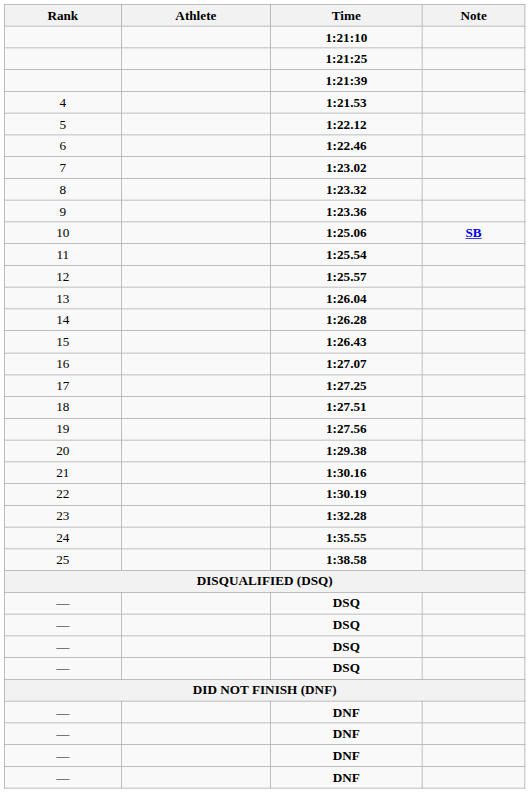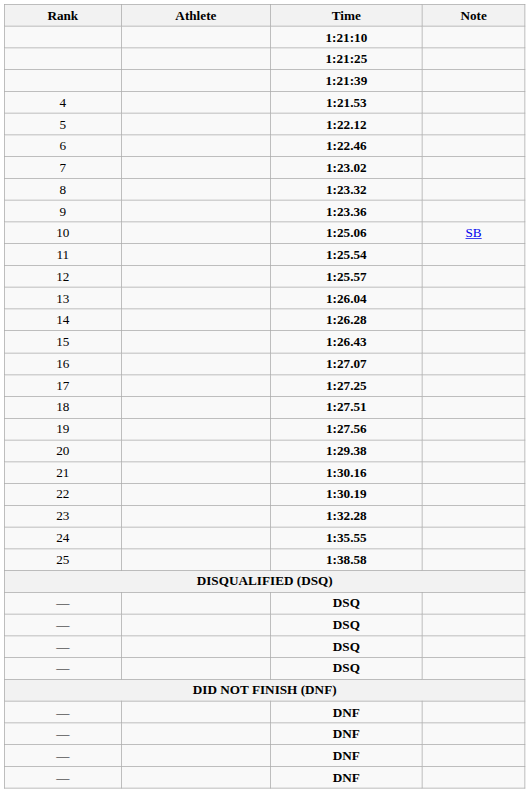 <table class="wikitable" style=" text-align:center; font-size:110%;" width="55%">
 <tr>
 <th>Rank</th>
 <th>Athlete</th>
 <th>Time</th>
 <th>Note</th>
 </tr>
 <tr>
 <td></td>
 <td align=left></td>
 <td><strong>1:21:10</strong></td>
 <td></td>
 </tr>
 <tr>
 <td></td>
 <td align=left></td>
 <td><strong>1:21:25</strong></td>
 <td></td>
 </tr>
 <tr>
 <td></td>
 <td align=left></td>
 <td><strong>1:21:39</strong></td>
 <td></td>
 </tr>
 <tr>
 <td>4</td>
 <td align=left></td>
 <td><strong>1:21.53</strong></td>
 <td></td>
 </tr>
 <tr>
 <td>5</td>
 <td align=left></td>
 <td><strong>1:22.12</strong></td>
 <td></td>
 </tr>
 <tr>
 <td>6</td>
 <td align=left></td>
 <td><strong>1:22.46</strong></td>
 <td></td>
 </tr>
 <tr>
 <td>7</td>
 <td align=left></td>
 <td><strong>1:23.02</strong></td>
 <td></td>
 </tr>
 <tr>
 <td>8</td>
 <td align=left></td>
 <td><strong>1:23.32</strong></td>
 <td></td>
 </tr>
 <tr>
 <td>9</td>
 <td align=left></td>
 <td><strong>1:23.36</strong></td>
 <td></td>
 </tr>
 <tr>
 <td>10</td>
 <td align=left></td>
 <td><strong>1:25.06</strong></td>
-<td><strong><a href='#'>SB</a></strong></td>
+<td><a href='#'>SB</a></td>
 </tr>
 <tr>
 <td>11</td>
 <td align=left></td>
 <td><strong>1:25.54</strong></td>
 <td></td>
 </tr>
 <tr>
 <td>12</td>
 <td align=left></td>
 <td><strong>1:25.57</strong></td>
 <td></td>
 </tr>
 <tr>
 <td>13</td>
 <td align=left></td>
 <td><strong>1:26.04</strong></td>
 <td></td>
 </tr>
 <tr>
 <td>14</td>
 <td align=left></td>
 <td><strong>1:26.28</strong></td>
 <td></td>
 </tr>
 <tr>
 <td>15</td>
 <td align=left></td>
 <td><strong>1:26.43</strong></td>
 <td></td>
 </tr>
 <tr>
 <td>16</td>
 <td align=left></td>
 <td><strong>1:27.07</strong></td>
 <td></td>
 </tr>
 <tr>
 <td>17</td>
 <td align=left></td>
 <td><strong>1:27.25</strong></td>
 <td></td>
 </tr>
 <tr>
 <td>18</td>
 <td align=left></td>
 <td><strong>1:27.51</strong></td>
 <td></td>
 </tr>
 <tr>
 <td>19</td>
 <td align=left></td>
 <td><strong>1:27.56</strong></td>
 <td></td>
 </tr>
 <tr>
 <td>20</td>
 <td align=left></td>
 <td><strong>1:29.38</strong></td>
 <td></td>
 </tr>
 <tr>
 <td>21</td>
 <td align=left></td>
 <td><strong>1:30.16</strong></td>
 <td></td>
 </tr>
 <tr>
 <td>22</td>
 <td align=left></td>
 <td><strong>1:30.19</strong></td>
 <td></td>
 </tr>
 <tr>
 <td>23</td>
 <td align=left></td>
 <td><strong>1:32.28</strong></td>
 <td></td>
 </tr>
 <tr>
 <td>24</td>
 <td align=left></td>
 <td><strong>1:35.55</strong></td>
 <td></td>
 </tr>
 <tr>
 <td>25</td>
 <td align=left></td>
 <td><strong>1:38.58</strong></td>
 <td></td>
 </tr>
 <tr>
 <th colspan="4">DISQUALIFIED (DSQ)</th>
 </tr>
 <tr>
 <td>—</td>
 <td align=left></td>
 <td><strong>DSQ</strong></td>
 <td></td>
 </tr>
 <tr>
 <td>—</td>
 <td align=left></td>
 <td><strong>DSQ</strong></td>
 <td></td>
 </tr>
 <tr>
 <td>—</td>
 <td align=left></td>
 <td><strong>DSQ</strong></td>
 <td></td>
 </tr>
 <tr>
 <td>—</td>
 <td align=left></td>
 <td><strong>DSQ</strong></td>
 <td></td>
 </tr>
 <tr>
 <th colspan="4">DID NOT FINISH (DNF)</th>
 </tr>
 <tr>
 <td>—</td>
 <td align=left></td>
 <td><strong>DNF</strong></td>
 <td></td>
 </tr>
 <tr>
 <td>—</td>
 <td align=left></td>
 <td><strong>DNF</strong></td>
 <td></td>
 </tr>
 <tr>
 <td>—</td>
 <td align=left></td>
 <td><strong>DNF</strong></td>
 <td></td>
 </tr>
 <tr>
 <td>—</td>
 <td align=left></td>
 <td><strong>DNF</strong></td>
 <td></td>
 </tr>
 </table>
